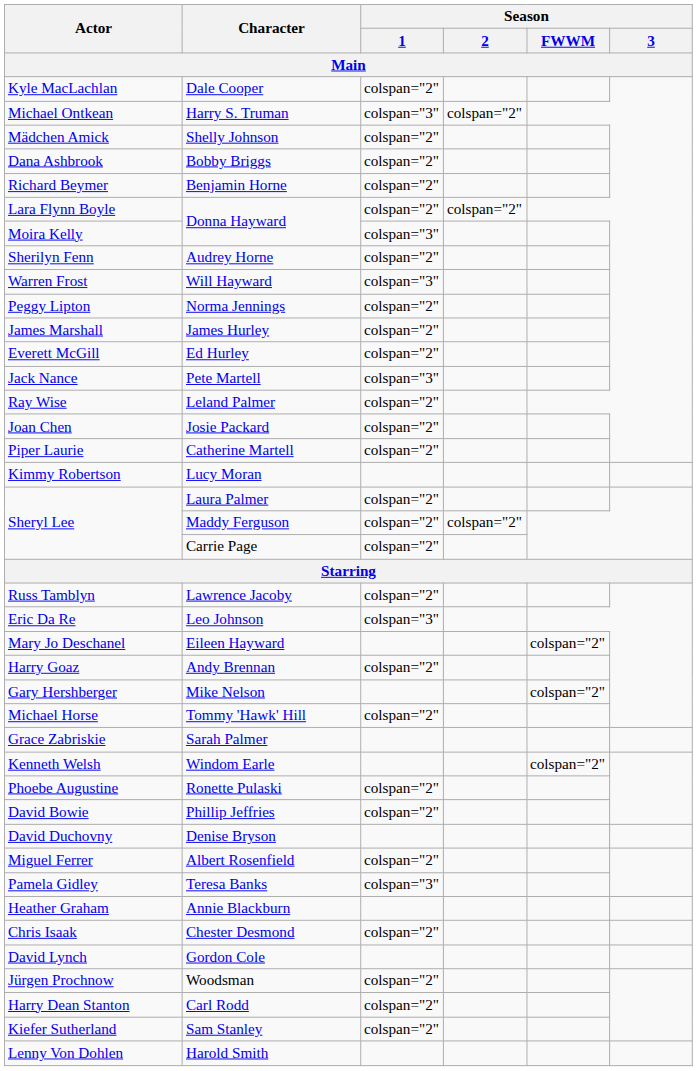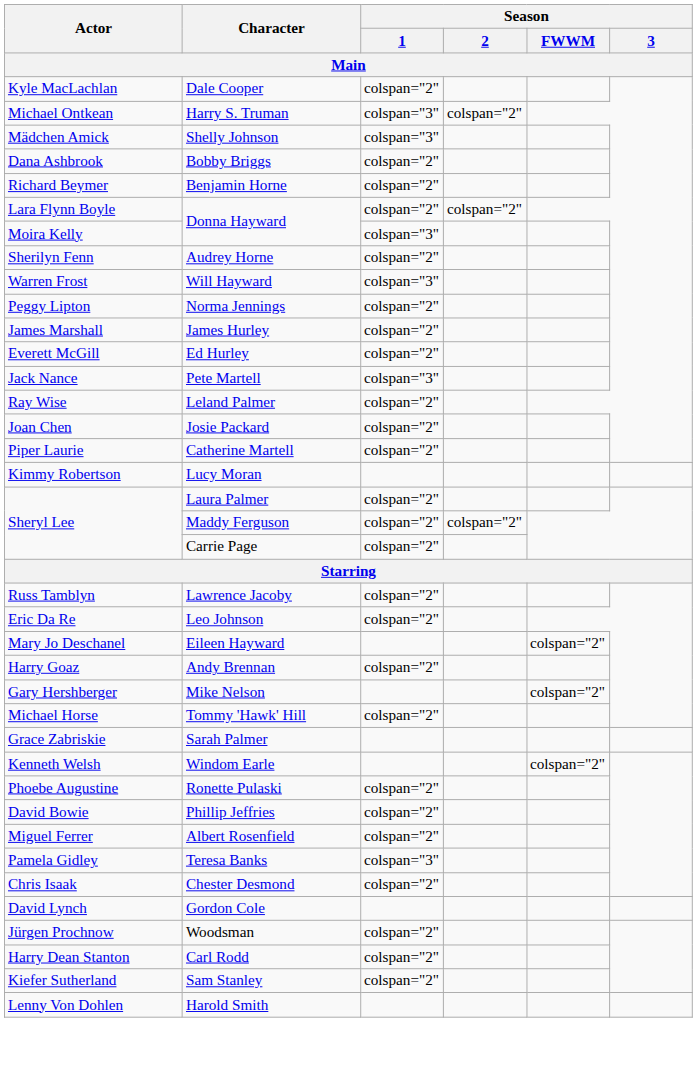 <table class="wikitable">
 <tr>
 <th rowspan="2" style="width:180px;">Actor</th>
 <th rowspan="2" style="width:180px;">Character</th>
 <th colspan="4">Season</th>
 </tr>
 <tr>
 <th style="width:80px;"><a href='#'>1</a></th>
 <th style="width:80px;"><a href='#'>2</a></th>
 <th style="width:80px;"><a href='#'>FWWM</a></th>
 <th style="width:80px;"><a href='#'>3</a></th>
 </tr>
 <tr>
 <th colspan="6"><a href='#'>Main</a></th>
 </tr>
 <tr>
 <td><a href='#'>Kyle MacLachlan</a></td>
 <td><a href='#'>Dale Cooper</a></td>
 <td>colspan="2" </td>
 <td></td>
 <td></td>
 </tr>
 <tr>
 <td><a href='#'>Michael Ontkean</a></td>
 <td><a href='#'>Harry S. Truman</a></td>
 <td>colspan="3" </td>
 <td>colspan="2" </td>
 </tr>
 <tr>
 <td><a href='#'>Mädchen Amick</a></td>
 <td><a href='#'>Shelly Johnson</a></td>
-<td>colspan="2" </td>
+<td>colspan="3" </td>
 <td></td>
 <td></td>
 </tr>
 <tr>
 <td><a href='#'>Dana Ashbrook</a></td>
 <td><a href='#'>Bobby Briggs</a></td>
 <td>colspan="2" </td>
 <td></td>
 <td></td>
 </tr>
 <tr>
 <td><a href='#'>Richard Beymer</a></td>
 <td><a href='#'>Benjamin Horne</a></td>
 <td>colspan="2" </td>
 <td></td>
 <td></td>
 </tr>
 <tr>
 <td><a href='#'>Lara Flynn Boyle</a></td>
 <td rowspan="2"><a href='#'>Donna Hayward</a></td>
 <td>colspan="2" </td>
 <td>colspan="2" </td>
 </tr>
 <tr>
 <td><a href='#'>Moira Kelly</a></td>
 <td>colspan="3" </td>
 <td></td>
 <td></td>
 </tr>
 <tr>
 <td><a href='#'>Sherilyn Fenn</a></td>
 <td><a href='#'>Audrey Horne</a></td>
 <td>colspan="2" </td>
 <td></td>
 <td></td>
 </tr>
 <tr>
 <td><a href='#'>Warren Frost</a></td>
 <td><a href='#'>Will Hayward</a></td>
 <td>colspan="3" </td>
 <td></td>
 <td></td>
 </tr>
 <tr>
 <td><a href='#'>Peggy Lipton</a></td>
 <td><a href='#'>Norma Jennings</a></td>
 <td>colspan="2" </td>
 <td></td>
 <td></td>
 </tr>
 <tr>
 <td><a href='#'>James Marshall</a></td>
 <td><a href='#'>James Hurley</a></td>
 <td>colspan="2" </td>
 <td></td>
 <td></td>
 </tr>
 <tr>
 <td><a href='#'>Everett McGill</a></td>
 <td><a href='#'>Ed Hurley</a></td>
 <td>colspan="2" </td>
 <td></td>
 <td></td>
 </tr>
 <tr>
 <td><a href='#'>Jack Nance</a></td>
 <td><a href='#'>Pete Martell</a></td>
 <td>colspan="3" </td>
 <td></td>
 <td></td>
 </tr>
 <tr>
 <td><a href='#'>Ray Wise</a></td>
 <td><a href='#'>Leland Palmer</a></td>
 <td>colspan="2" </td>
 <td></td>
 </tr>
 <tr>
 <td><a href='#'>Joan Chen</a></td>
 <td><a href='#'>Josie Packard</a></td>
 <td>colspan="2" </td>
 <td></td>
 <td></td>
 </tr>
 <tr>
 <td><a href='#'>Piper Laurie</a></td>
 <td><a href='#'>Catherine Martell</a></td>
 <td>colspan="2" </td>
 <td></td>
 <td></td>
 </tr>
 <tr>
 <td><a href='#'>Kimmy Robertson</a></td>
 <td><a href='#'>Lucy Moran</a></td>
 <td></td>
 <td></td>
 <td></td>
 <td></td>
 </tr>
 <tr>
 <td rowspan="3"><a href='#'>Sheryl Lee</a></td>
 <td><a href='#'>Laura Palmer</a></td>
 <td>colspan="2" </td>
 <td></td>
 <td></td>
 </tr>
 <tr>
 <td><a href='#'>Maddy Ferguson</a></td>
 <td>colspan="2" </td>
 <td>colspan="2" </td>
 </tr>
 <tr>
 <td>Carrie Page</td>
 <td>colspan="2" </td>
 <td></td>
 </tr>
 <tr>
 <th colspan="6"><a href='#'>Starring</a></th>
 </tr>
 <tr>
 <td><a href='#'>Russ Tamblyn</a></td>
 <td><a href='#'>Lawrence Jacoby</a></td>
 <td>colspan="2" </td>
 <td></td>
 <td></td>
 </tr>
 <tr>
 <td><a href='#'>Eric Da Re</a></td>
 <td><a href='#'>Leo Johnson</a></td>
-<td>colspan="3" </td>
+<td>colspan="2" </td>
 <td></td>
 </tr>
 <tr>
 <td><a href='#'>Mary Jo Deschanel</a></td>
 <td><a href='#'>Eileen Hayward</a></td>
 <td></td>
 <td></td>
 <td>colspan="2" </td>
 </tr>
 <tr>
 <td><a href='#'>Harry Goaz</a></td>
 <td><a href='#'>Andy Brennan</a></td>
 <td>colspan="2" </td>
 <td></td>
 <td></td>
 </tr>
 <tr>
 <td><a href='#'>Gary Hershberger</a></td>
 <td><a href='#'>Mike Nelson</a></td>
 <td></td>
 <td></td>
 <td>colspan="2" </td>
 </tr>
 <tr>
 <td><a href='#'>Michael Horse</a></td>
 <td><a href='#'>Tommy 'Hawk' Hill</a></td>
 <td>colspan="2" </td>
 <td></td>
 <td></td>
 </tr>
 <tr>
 <td><a href='#'>Grace Zabriskie</a></td>
 <td><a href='#'>Sarah Palmer</a></td>
 <td></td>
 <td></td>
 <td></td>
 <td></td>
 </tr>
 <tr>
 <td><a href='#'>Kenneth Welsh</a></td>
 <td><a href='#'>Windom Earle</a></td>
 <td></td>
 <td></td>
 <td>colspan="2" </td>
 </tr>
 <tr>
 <td><a href='#'>Phoebe Augustine</a></td>
 <td><a href='#'>Ronette Pulaski</a></td>
 <td>colspan="2" </td>
 <td></td>
 <td></td>
 </tr>
 <tr>
 <td><a href='#'>David Bowie</a></td>
 <td><a href='#'>Phillip Jeffries</a></td>
 <td>colspan="2" </td>
 <td></td>
 <td></td>
 </tr>
 <tr>
-<td><a href='#'>David Duchovny</a></td>
-<td><a href='#'>Denise Bryson</a></td>
-<td></td>
-<td></td>
-<td></td>
-<td></td>
-</tr>
-<tr>
 <td><a href='#'>Miguel Ferrer</a></td>
 <td><a href='#'>Albert Rosenfield</a></td>
 <td>colspan="2" </td>
 <td></td>
 <td></td>
 </tr>
 <tr>
 <td><a href='#'>Pamela Gidley</a></td>
 <td><a href='#'>Teresa Banks</a></td>
 <td>colspan="3" </td>
-<td></td>
-<td></td>
-</tr>
-<tr>
-<td><a href='#'>Heather Graham</a></td>
-<td><a href='#'>Annie Blackburn</a></td>
-<td></td>
-<td></td>
 <td></td>
 <td></td>
 </tr>
 <tr>
 <td><a href='#'>Chris Isaak</a></td>
 <td><a href='#'>Chester Desmond</a></td>
 <td>colspan="2" </td>
 <td></td>
 <td></td>
 </tr>
 <tr>
 <td><a href='#'>David Lynch</a></td>
 <td><a href='#'>Gordon Cole</a></td>
 <td></td>
 <td></td>
 <td></td>
 <td></td>
 </tr>
 <tr>
 <td><a href='#'>Jürgen Prochnow</a></td>
 <td>Woodsman</td>
 <td>colspan="2" </td>
 <td></td>
 <td></td>
 </tr>
 <tr>
 <td><a href='#'>Harry Dean Stanton</a></td>
 <td><a href='#'>Carl Rodd</a></td>
 <td>colspan="2" </td>
 <td></td>
 <td></td>
 </tr>
 <tr>
 <td><a href='#'>Kiefer Sutherland</a></td>
 <td><a href='#'>Sam Stanley</a></td>
 <td>colspan="2" </td>
 <td></td>
 <td></td>
 </tr>
 <tr>
 <td><a href='#'>Lenny Von Dohlen</a></td>
 <td><a href='#'>Harold Smith</a></td>
 <td></td>
 <td></td>
 <td></td>
 <td></td>
 </tr>
 </table>
